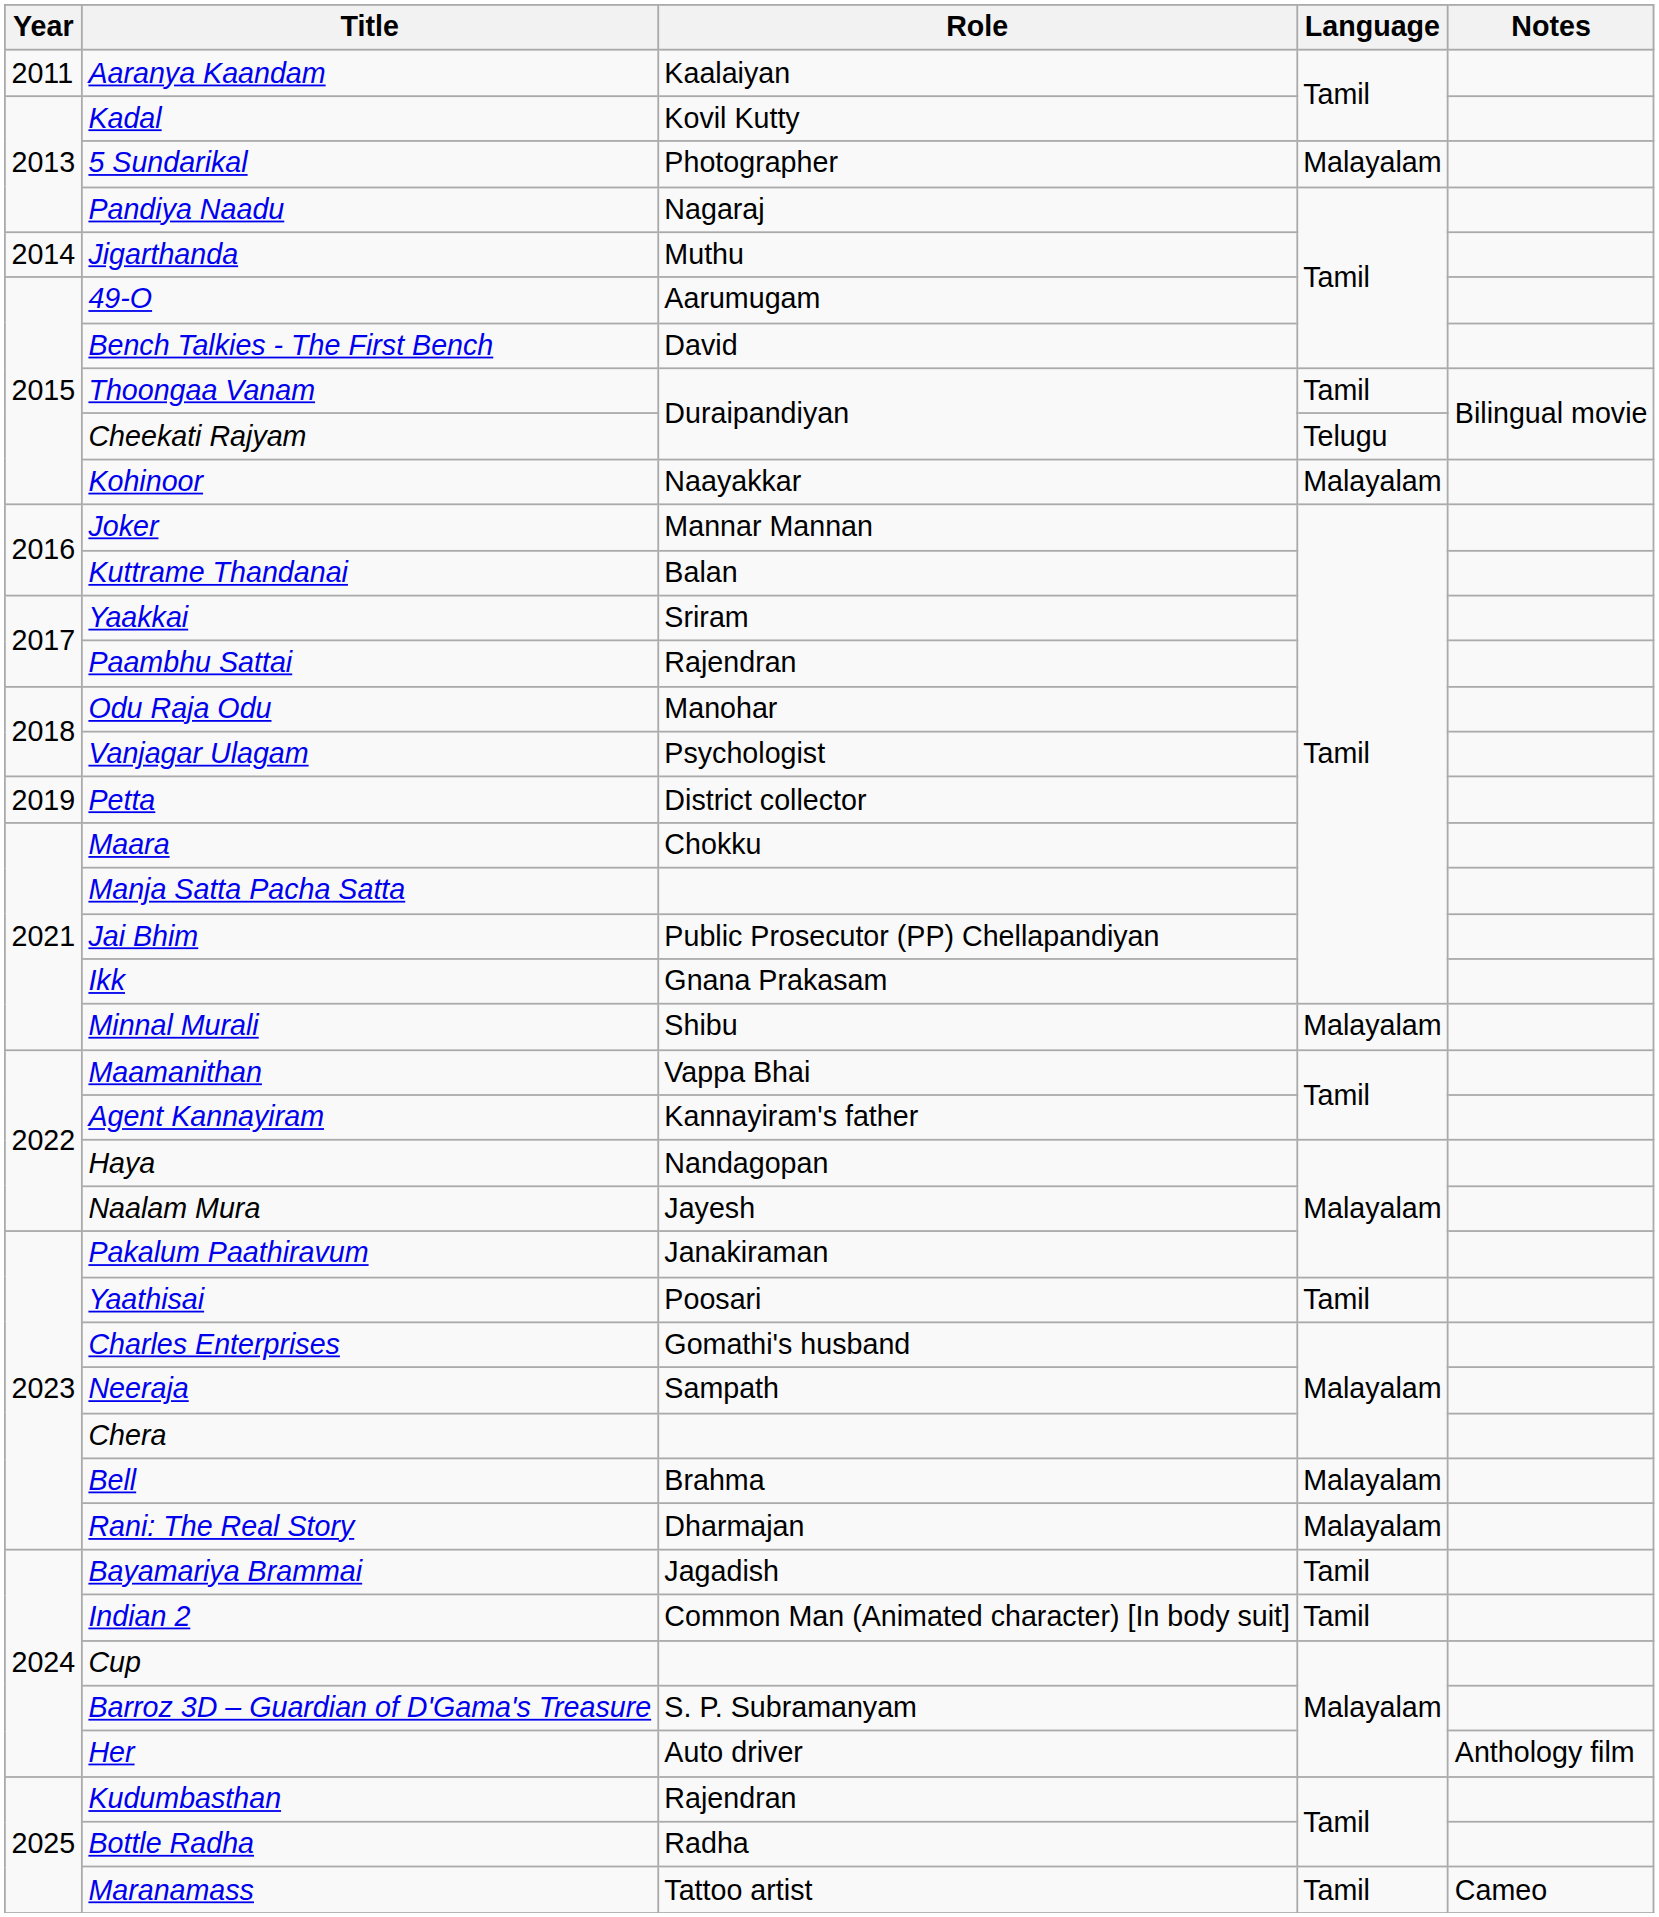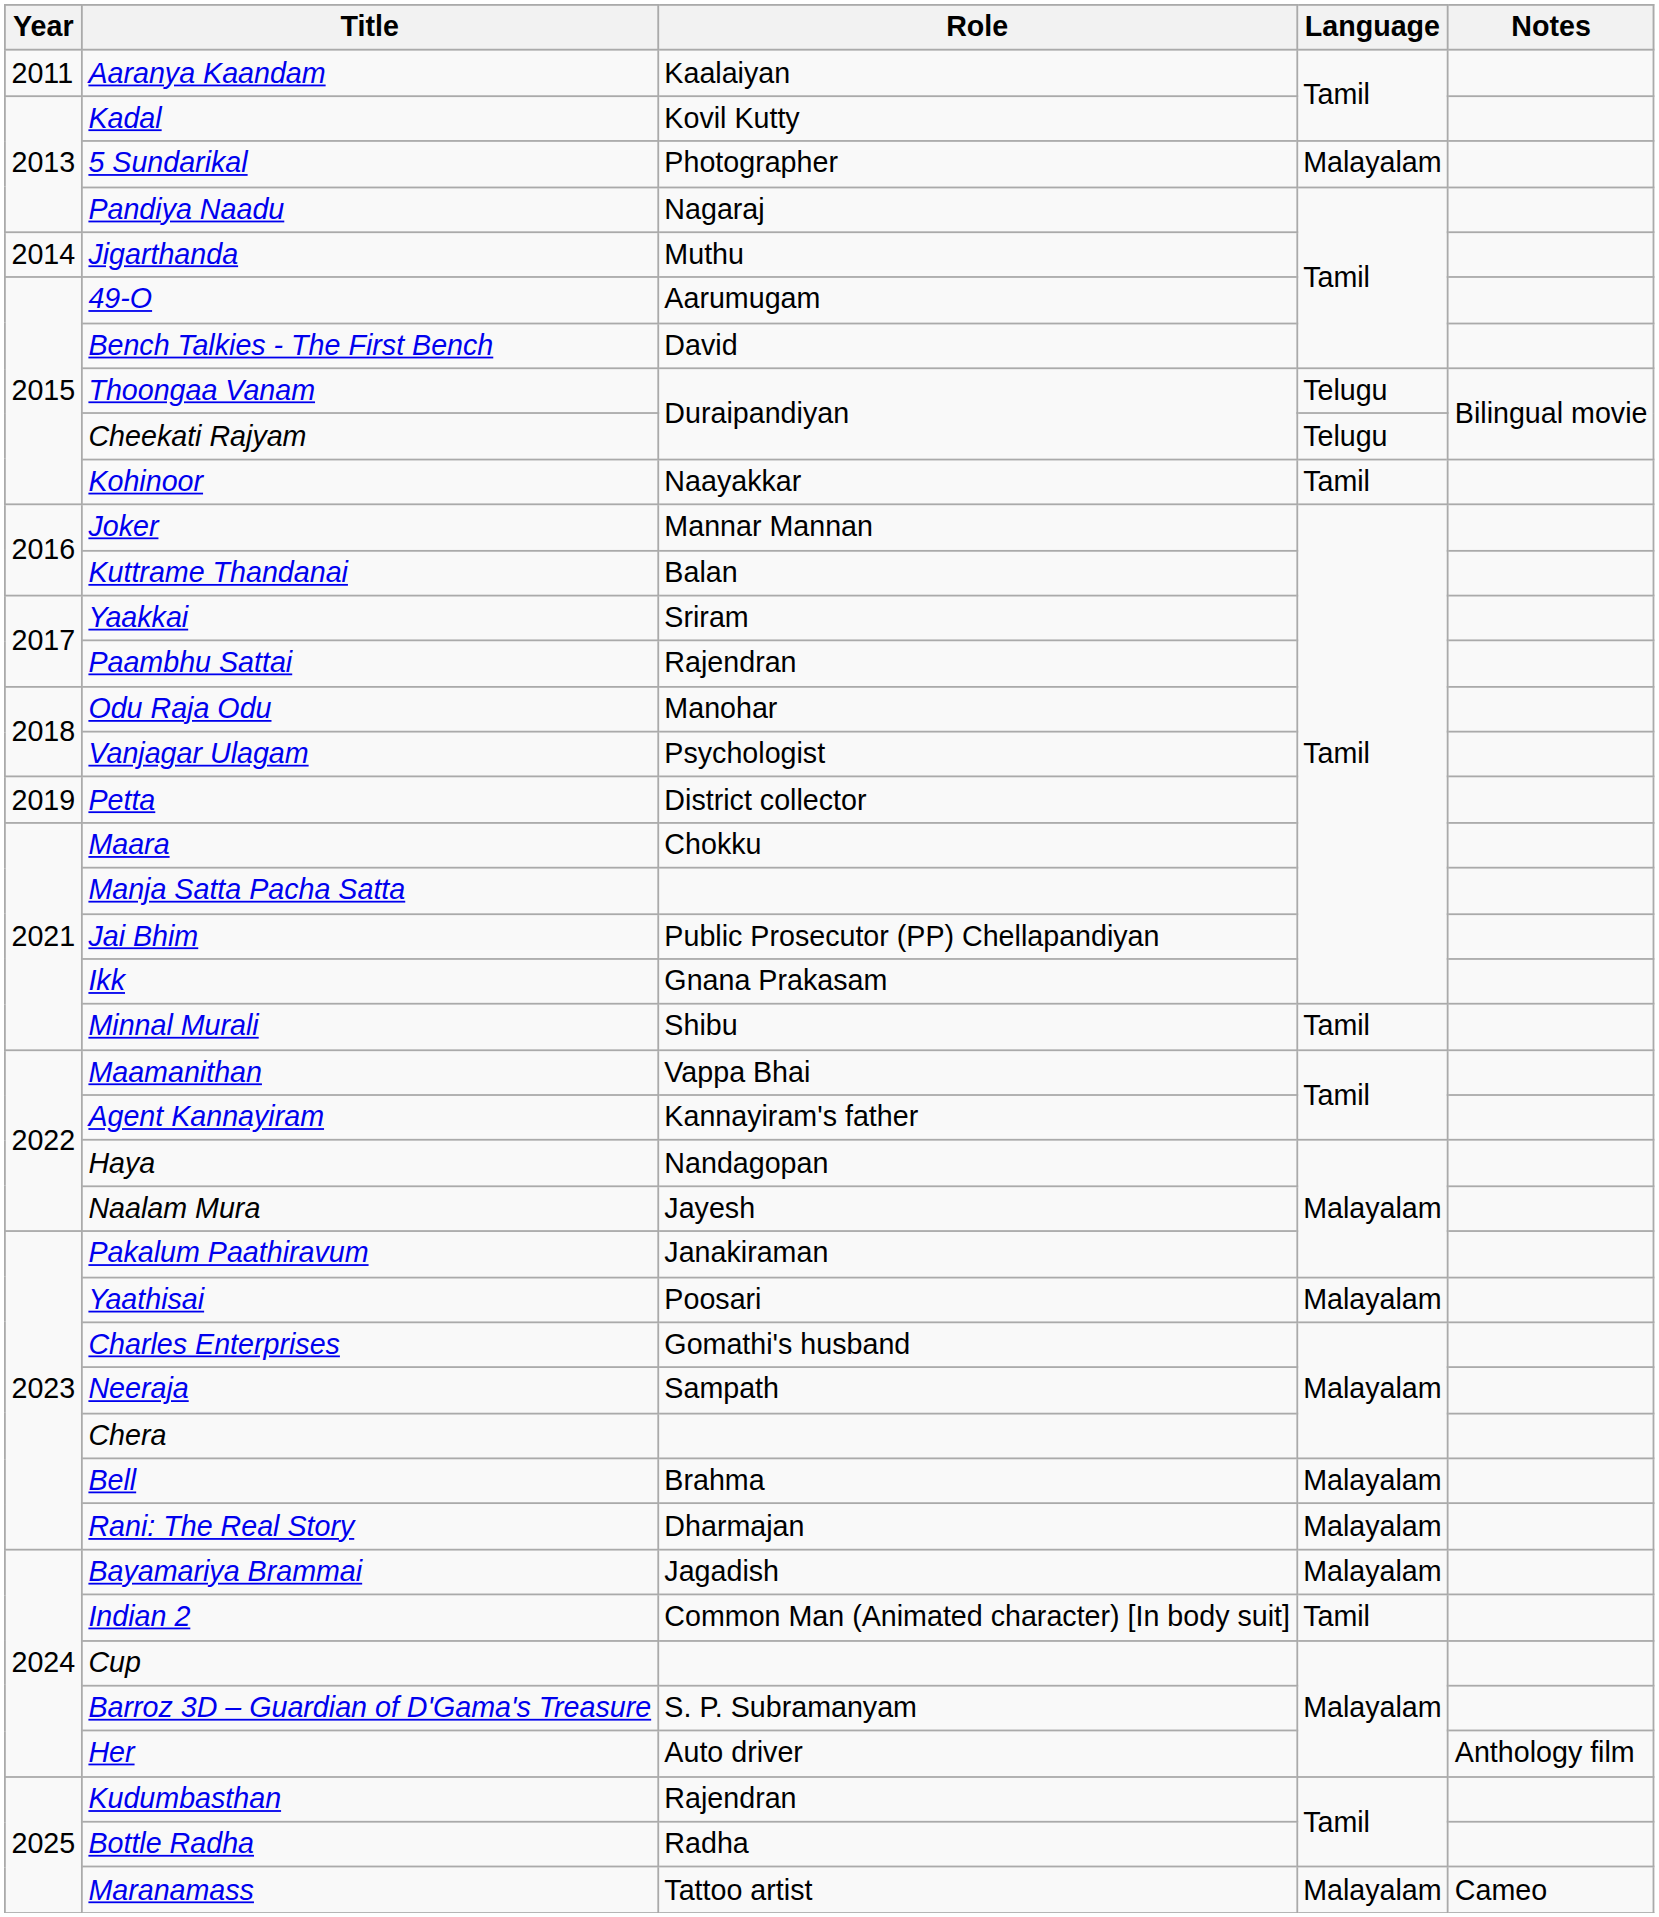 <table class="wikitable sortable">
 <tr style="background:#ccc; text-align:center;">
 <th>Year</th>
 <th>Title</th>
 <th>Role</th>
 <th>Language</th>
 <th class="unsortable">Notes</th>
 </tr>
 <tr>
 <td>2011</td>
 <td><em><a href='#'>Aaranya Kaandam</a></em></td>
 <td>Kaalaiyan</td>
 <td rowspan="2">Tamil</td>
 <td></td>
 </tr>
 <tr>
 <td rowspan="3">2013</td>
 <td><em><a href='#'>Kadal</a></em></td>
 <td>Kovil Kutty</td>
 <td></td>
 </tr>
 <tr>
 <td><em><a href='#'>5 Sundarikal</a></em></td>
 <td>Photographer</td>
 <td>Malayalam</td>
 <td></td>
 </tr>
 <tr>
 <td><em><a href='#'>Pandiya Naadu</a></em></td>
 <td>Nagaraj</td>
 <td rowspan="4">Tamil</td>
 <td></td>
 </tr>
 <tr>
 <td>2014</td>
 <td><em><a href='#'>Jigarthanda</a></em></td>
 <td>Muthu</td>
 <td></td>
 </tr>
 <tr>
 <td rowspan="5">2015</td>
 <td><em><a href='#'>49-O</a></em></td>
 <td>Aarumugam</td>
 <td></td>
 </tr>
 <tr>
 <td><em><a href='#'>Bench Talkies - The First Bench</a></em></td>
 <td>David</td>
 <td></td>
 </tr>
 <tr>
 <td><em><a href='#'>Thoongaa Vanam</a></em></td>
 <td rowspan="2">Duraipandiyan</td>
-<td>Tamil</td>
+<td>Telugu</td>
 <td Rowspan=2>Bilingual movie</td>
 </tr>
 <tr>
 <td><em>Cheekati Rajyam</em></td>
 <td>Telugu</td>
 </tr>
 <tr>
 <td><em><a href='#'>Kohinoor</a></em></td>
 <td>Naayakkar</td>
-<td>Malayalam</td>
+<td>Tamil</td>
 <td></td>
 </tr>
 <tr>
 <td rowspan="2">2016</td>
 <td><em><a href='#'>Joker</a></em></td>
 <td>Mannar Mannan</td>
 <td rowspan="11">Tamil</td>
 <td></td>
 </tr>
 <tr>
 <td><em><a href='#'>Kuttrame Thandanai</a></em></td>
 <td>Balan</td>
 <td></td>
 </tr>
 <tr>
 <td rowspan="2">2017</td>
 <td><em><a href='#'>Yaakkai</a></em></td>
 <td>Sriram</td>
 <td></td>
 </tr>
 <tr>
 <td><em><a href='#'>Paambhu Sattai</a></em></td>
 <td>Rajendran</td>
 <td></td>
 </tr>
 <tr>
 <td rowspan="2">2018</td>
 <td><em><a href='#'>Odu Raja Odu</a></em></td>
 <td>Manohar</td>
 <td></td>
 </tr>
 <tr>
 <td><em><a href='#'>Vanjagar Ulagam</a></em></td>
 <td>Psychologist</td>
 <td></td>
 </tr>
 <tr>
 <td>2019</td>
 <td><em><a href='#'>Petta</a></em></td>
 <td>District collector</td>
 <td></td>
 </tr>
 <tr>
 <td rowspan=5>2021</td>
 <td><em><a href='#'>Maara</a></em></td>
 <td>Chokku</td>
 <td></td>
 </tr>
 <tr>
 <td><em><a href='#'>Manja Satta Pacha Satta</a></em></td>
 <td></td>
 <td></td>
 </tr>
 <tr>
 <td><em><a href='#'>Jai Bhim</a></em></td>
 <td>Public Prosecutor (PP) Chellapandiyan</td>
 <td></td>
 </tr>
 <tr>
 <td><em><a href='#'>Ikk</a></em></td>
 <td>Gnana Prakasam</td>
 <td></td>
 </tr>
 <tr>
 <td><em><a href='#'>Minnal Murali</a></em></td>
 <td>Shibu</td>
-<td>Malayalam</td>
+<td>Tamil</td>
 <td></td>
 </tr>
 <tr>
 <td rowspan=4>2022</td>
 <td><em><a href='#'>Maamanithan</a></em></td>
 <td>Vappa Bhai</td>
 <td rowspan="2">Tamil</td>
 <td></td>
 </tr>
 <tr>
 <td><em><a href='#'>Agent Kannayiram</a></em></td>
 <td>Kannayiram's father</td>
 <td></td>
 </tr>
 <tr>
 <td><em>Haya</em></td>
 <td>Nandagopan</td>
 <td rowspan="3">Malayalam</td>
 <td></td>
 </tr>
 <tr>
 <td><em>Naalam Mura</em></td>
 <td>Jayesh</td>
 <td></td>
 </tr>
 <tr>
 <td rowspan=7>2023</td>
 <td><em><a href='#'>Pakalum Paathiravum</a></em></td>
 <td>Janakiraman</td>
 <td></td>
 </tr>
 <tr>
 <td><em><a href='#'>Yaathisai</a></em></td>
 <td>Poosari</td>
-<td>Tamil</td>
+<td>Malayalam</td>
 <td></td>
 </tr>
 <tr>
 <td><em><a href='#'>Charles Enterprises</a></em></td>
 <td>Gomathi's husband</td>
 <td rowspan="3">Malayalam</td>
 <td></td>
 </tr>
 <tr>
 <td><em><a href='#'>Neeraja</a></em></td>
 <td>Sampath</td>
 <td></td>
 </tr>
 <tr>
 <td><em>Chera</em></td>
 <td></td>
 <td></td>
 </tr>
 <tr>
 <td><em><a href='#'>Bell</a></em></td>
 <td>Brahma</td>
 <td>Malayalam</td>
 <td></td>
 </tr>
 <tr>
 <td><em><a href='#'>Rani: The Real Story</a></em></td>
 <td>Dharmajan</td>
 <td>Malayalam</td>
 <td></td>
 </tr>
 <tr>
 <td rowspan=5>2024</td>
 <td><em><a href='#'>Bayamariya Brammai</a></em></td>
 <td>Jagadish</td>
-<td>Tamil</td>
+<td>Malayalam</td>
 <td></td>
 </tr>
 <tr>
 <td><em><a href='#'>Indian 2</a></em></td>
 <td>Common Man (Animated character) [In body suit]</td>
 <td>Tamil</td>
 <td></td>
 </tr>
 <tr>
 <td><em>Cup</em></td>
 <td></td>
 <td rowspan="3">Malayalam</td>
 <td></td>
 </tr>
 <tr>
 <td><em><a href='#'>Barroz 3D – Guardian of D'Gama's Treasure</a></em></td>
 <td>S. P. Subramanyam</td>
 <td></td>
 </tr>
 <tr>
 <td><em><a href='#'>Her</a></em></td>
 <td>Auto driver</td>
 <td>Anthology film</td>
 </tr>
 <tr>
 <td rowspan="3">2025</td>
 <td><em><a href='#'>Kudumbasthan</a></em></td>
 <td>Rajendran</td>
 <td rowspan="2">Tamil</td>
 <td></td>
 </tr>
 <tr>
 <td><em><a href='#'>Bottle Radha</a></em></td>
 <td>Radha</td>
 <td></td>
 </tr>
 <tr>
 <td><em><a href='#'>Maranamass</a></em></td>
 <td>Tattoo artist</td>
-<td>Tamil</td>
+<td>Malayalam</td>
 <td>Cameo<br>   </td>
 </tr>
 </table>
